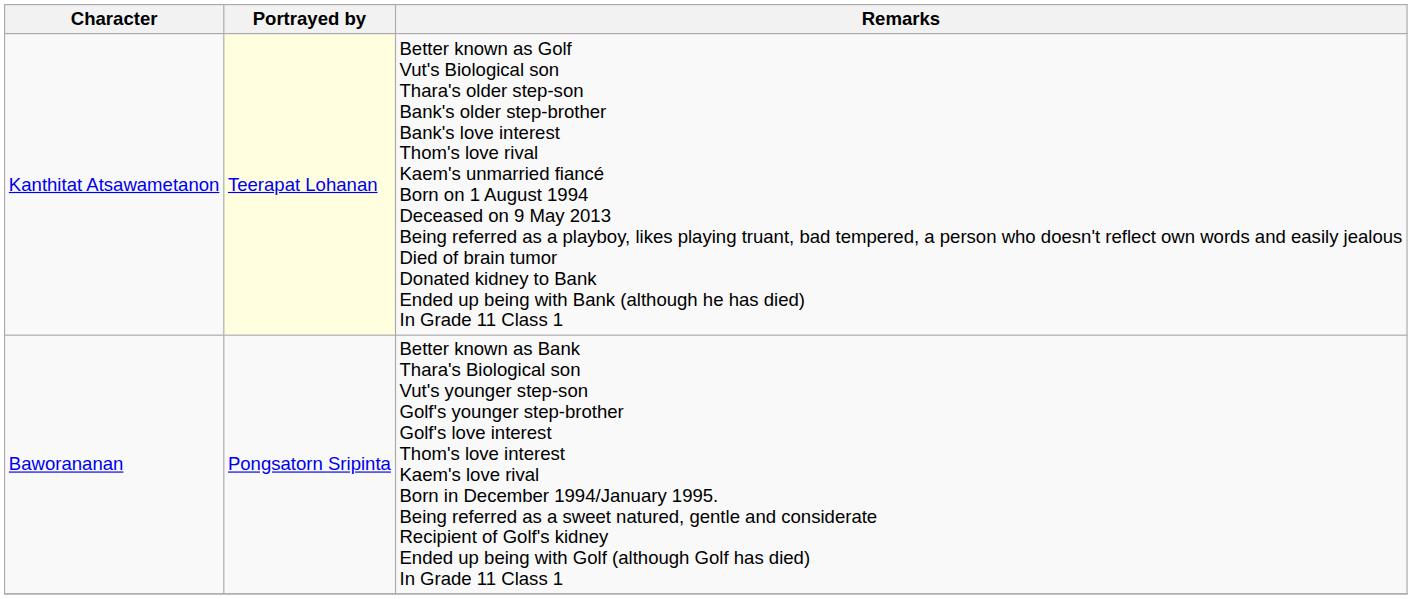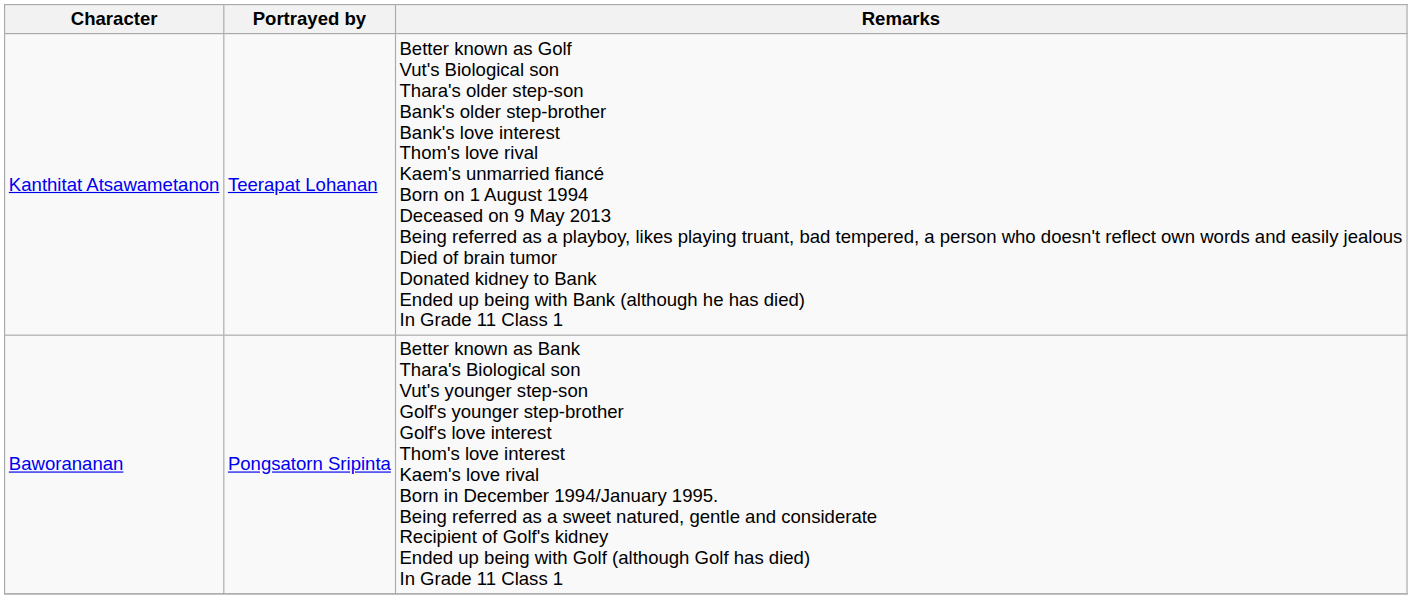 <table class="wikitable sortable">
 <tr>
 <th>Character</th>
 <th>Portrayed by</th>
 <th>Remarks</th>
 </tr>
 <tr>
 <td><a href='#'>Kanthitat Atsawametanon</a></td>
-<td style="background: lightyellow;"><a href='#'>Teerapat Lohanan</a></td>
+<td><a href='#'>Teerapat Lohanan</a></td>
 <td>Better known as Golf <br> Vut's Biological son <br> Thara's older step-son <br> Bank's older step-brother <br> Bank's love interest <br> Thom's love rival <br> Kaem's unmarried fiancé <br> Born on 1 August 1994 <br> Deceased on 9 May 2013 <br> Being referred as a playboy, likes playing truant, bad tempered, a person who doesn't reflect own words and easily jealous <br> Died of brain tumor <br> Donated kidney to Bank <br> Ended up being with Bank (although he has died)  <br> In Grade 11 Class 1</td>
 </tr>
 <tr>
 <td><a href='#'>Baworananan</a></td>
 <td><a href='#'>Pongsatorn Sripinta</a></td>
 <td>Better known as Bank <br> Thara's Biological son <br> Vut's younger step-son <br> Golf's younger step-brother <br> Golf's love interest <br> Thom's love interest <br> Kaem's love rival <br> Born in December 1994/January 1995. <br> Being referred as a sweet natured, gentle and considerate <br> Recipient of Golf's kidney <br> Ended up being with Golf (although Golf has died) <br> In Grade 11 Class 1</td>
 </tr>
 <tr>
 </tr>
 </table>
